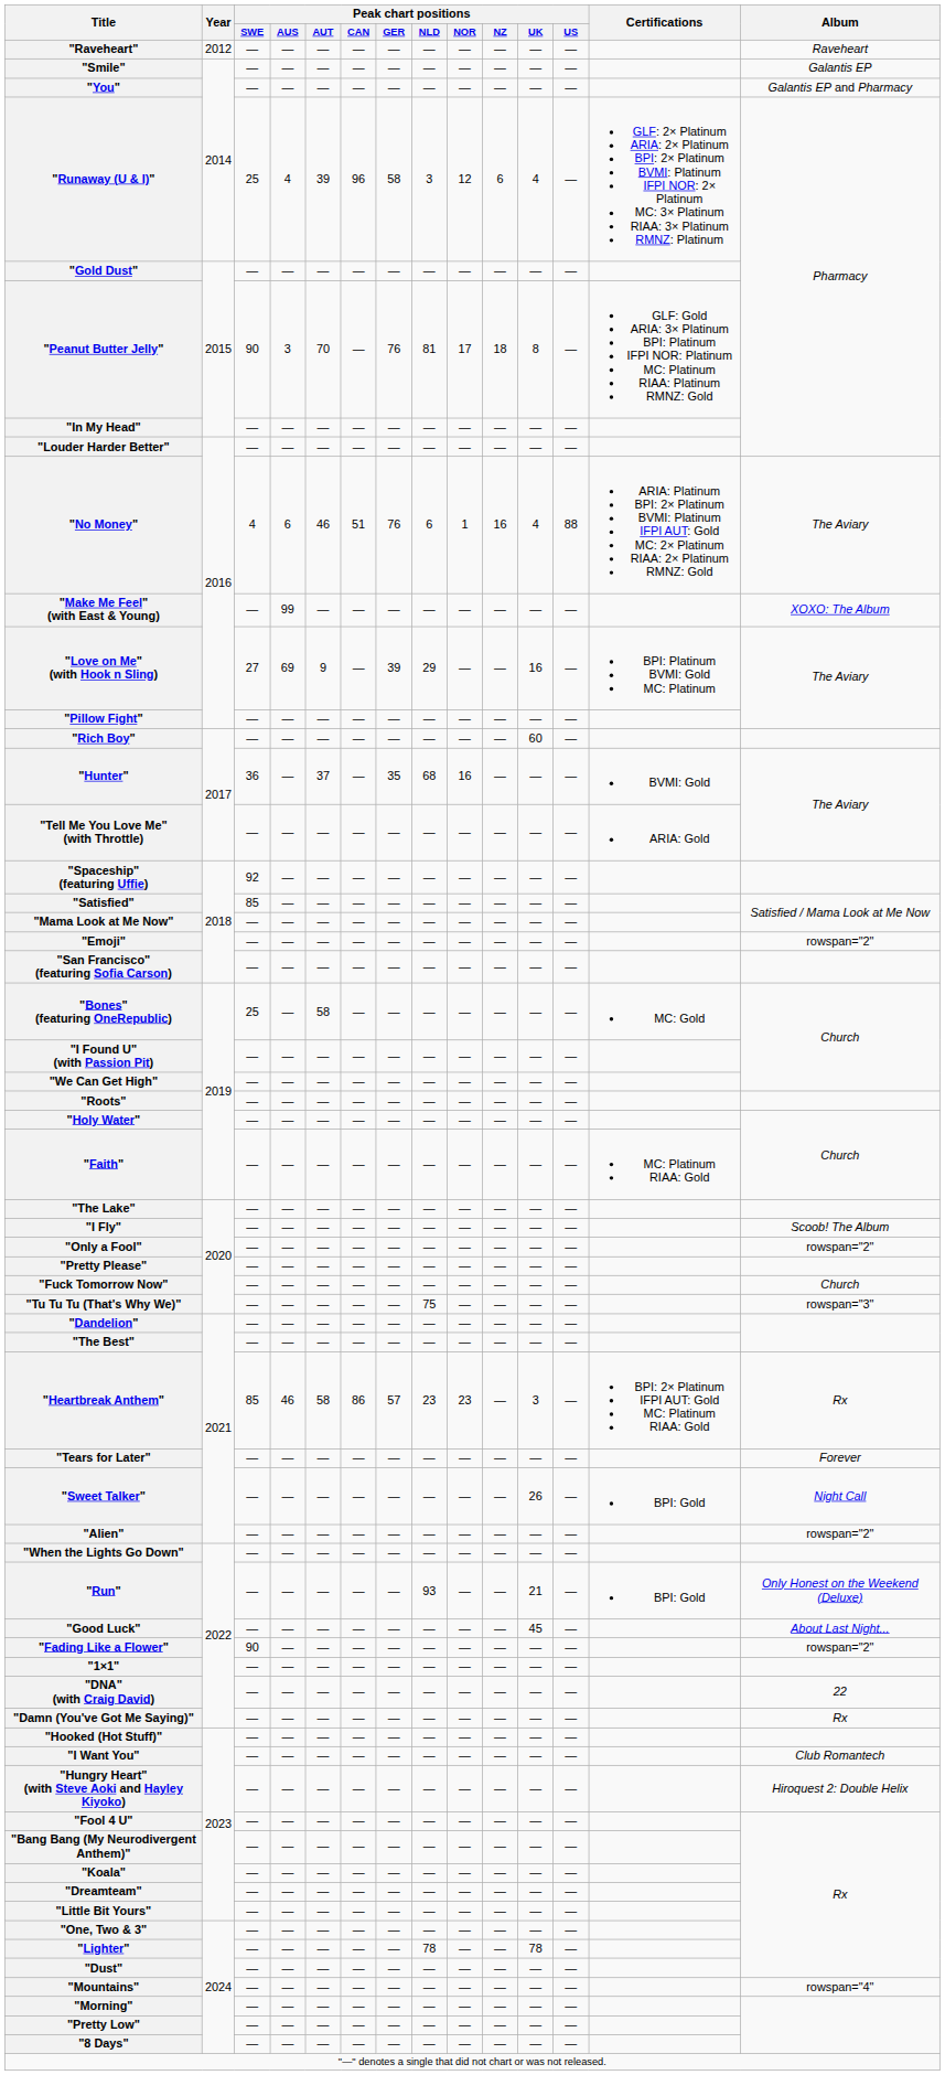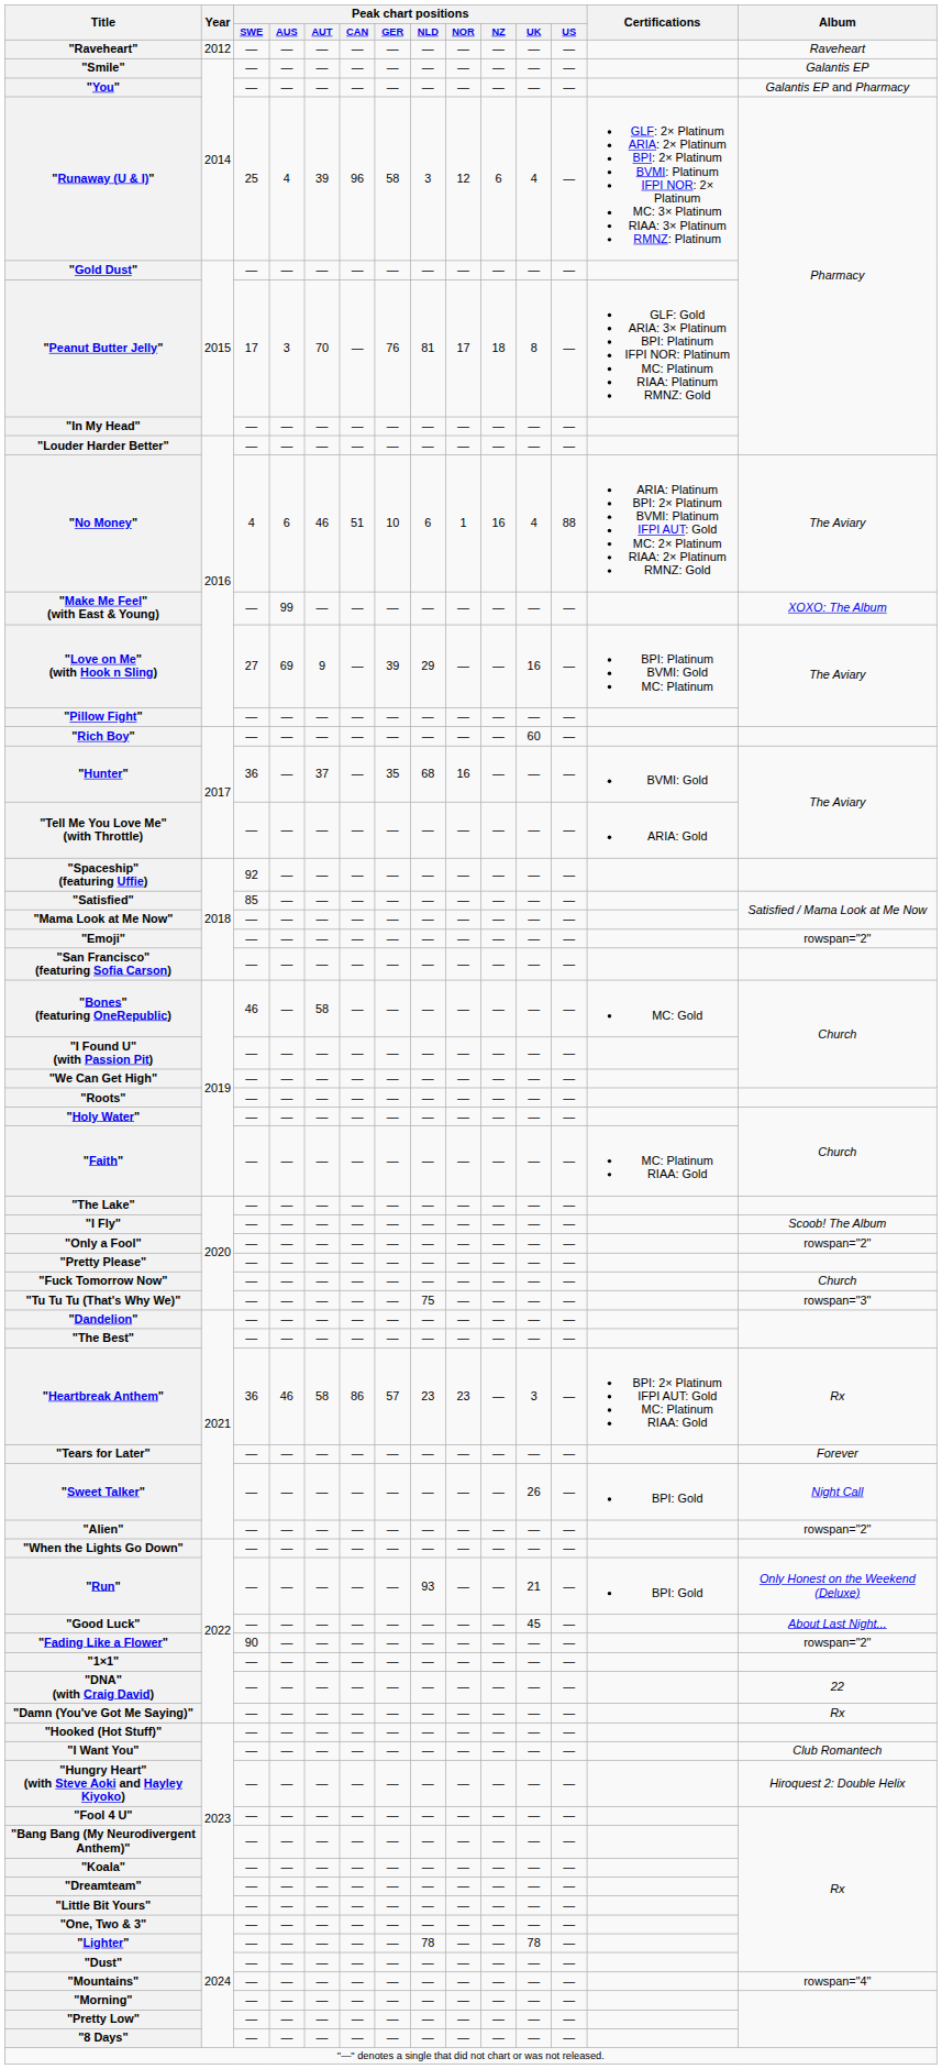 <table class="wikitable plainrowheaders" style="text-align:center;">
 <tr>
 <th scope="col" rowspan="2" style="width:16em;">Title</th>
 <th scope="col" rowspan="2">Year</th>
 <th scope="col" colspan="10">Peak chart positions</th>
 <th scope="col" rowspan="2">Certifications</th>
 <th scope="col" rowspan="2">Album</th>
 </tr>
 <tr>
 <th scope="col" style="width:3em;font-size:85%;"><a href='#'>SWE</a><br></th>
 <th scope="col" style="width:3em;font-size:85%;"><a href='#'>AUS</a><br></th>
 <th scope="col" style="width:3em;font-size:85%;"><a href='#'>AUT</a><br></th>
 <th scope="col" style="width:3em;font-size:85%;"><a href='#'>CAN</a><br></th>
 <th scope="col" style="width:3em;font-size:85%;"><a href='#'>GER</a><br></th>
 <th scope="col" style="width:3em;font-size:85%;"><a href='#'>NLD</a><br></th>
 <th scope="col" style="width:3em;font-size:85%;"><a href='#'>NOR</a><br></th>
 <th scope="col" style="width:3em;font-size:85%;"><a href='#'>NZ</a><br></th>
 <th scope="col" style="width:3em;font-size:85%;"><a href='#'>UK</a><br></th>
 <th scope="col" style="width:3em;font-size:85%;"><a href='#'>US</a><br></th>
 </tr>
 <tr>
 <th scope="row">"Raveheart"</th>
 <td>2012</td>
 <td>—</td>
 <td>—</td>
 <td>—</td>
 <td>—</td>
 <td>—</td>
 <td>—</td>
 <td>—</td>
 <td>—</td>
 <td>—</td>
 <td>—</td>
 <td></td>
 <td><em>Raveheart</em></td>
 </tr>
 <tr>
 <th scope="row">"Smile"</th>
 <td rowspan="3">2014</td>
 <td>—</td>
 <td>—</td>
 <td>—</td>
 <td>—</td>
 <td>—</td>
 <td>—</td>
 <td>—</td>
 <td>—</td>
 <td>—</td>
 <td>—</td>
 <td></td>
 <td><em>Galantis EP</em></td>
 </tr>
 <tr>
 <th scope="row">"<a href='#'>You</a>"</th>
 <td>—</td>
 <td>—</td>
 <td>—</td>
 <td>—</td>
 <td>—</td>
 <td>—</td>
 <td>—</td>
 <td>—</td>
 <td>—</td>
 <td>—</td>
 <td></td>
 <td><em>Galantis EP</em> and <em>Pharmacy</em></td>
 </tr>
 <tr>
 <th scope="row">"<a href='#'>Runaway (U & I)</a>"</th>
 <td>25</td>
 <td>4</td>
 <td>39</td>
 <td>96</td>
 <td>58</td>
 <td>3</td>
 <td>12</td>
 <td>6</td>
 <td>4</td>
 <td>—</td>
 <td><br><ul><li><a href='#'>GLF</a>: 2× Platinum</li><li><a href='#'>ARIA</a>: 2× Platinum</li><li><a href='#'>BPI</a>: 2× Platinum</li><li><a href='#'>BVMI</a>: Platinum</li><li><a href='#'>IFPI NOR</a>: 2× Platinum</li><li>MC: 3× Platinum</li><li>RIAA: 3× Platinum</li><li><a href='#'>RMNZ</a>: Platinum</li></ul></td>
 <td rowspan="5"><em>Pharmacy</em></td>
 </tr>
 <tr>
 <th scope="row">"<a href='#'>Gold Dust</a>"</th>
 <td rowspan="3">2015</td>
 <td>—</td>
 <td>—</td>
 <td>—</td>
 <td>—</td>
 <td>—</td>
 <td>—</td>
 <td>—</td>
 <td>—</td>
 <td>—</td>
 <td>—</td>
 <td></td>
 </tr>
 <tr>
 <th scope="row">"<a href='#'>Peanut Butter Jelly</a>"</th>
-<td>90<br></td>
+<td>17</td>
 <td>3</td>
 <td>70</td>
 <td>—</td>
 <td>76</td>
 <td>81</td>
 <td>17</td>
 <td>18</td>
 <td>8</td>
 <td>—</td>
 <td><br><ul><li>GLF: Gold</li><li>ARIA: 3× Platinum</li><li>BPI: Platinum</li><li>IFPI NOR: Platinum</li><li>MC: Platinum</li><li>RIAA: Platinum</li><li>RMNZ: Gold</li></ul></td>
 </tr>
 <tr>
 <th scope="row">"In My Head"</th>
 <td>—</td>
 <td>—</td>
 <td>—</td>
 <td>—</td>
 <td>—</td>
 <td>—</td>
 <td>—</td>
 <td>—</td>
 <td>—</td>
 <td>—</td>
 <td></td>
 </tr>
 <tr>
 <th scope="row">"Louder Harder Better"</th>
 <td rowspan="5">2016</td>
 <td>—</td>
 <td>—</td>
 <td>—</td>
 <td>—</td>
 <td>—</td>
 <td>—</td>
 <td>—</td>
 <td>—</td>
 <td>—</td>
 <td>—</td>
 <td></td>
 </tr>
 <tr>
 <th scope="row">"<a href='#'>No Money</a>"</th>
 <td>4</td>
 <td>6</td>
 <td>46</td>
 <td>51</td>
-<td>76</td>
+<td>10</td>
 <td>6</td>
 <td>1</td>
 <td>16</td>
 <td>4</td>
 <td>88</td>
 <td><br><ul><li>ARIA: Platinum</li><li>BPI: 2× Platinum</li><li>BVMI: Platinum</li><li><a href='#'>IFPI AUT</a>: Gold</li><li>MC: 2× Platinum</li><li>RIAA: 2× Platinum</li><li>RMNZ: Gold</li></ul></td>
 <td><em>The Aviary</em></td>
 </tr>
 <tr>
 <th scope="row">"<a href='#'>Make Me Feel</a>"<br><span>(with East & Young)</span></th>
 <td>—</td>
 <td>99</td>
 <td>—</td>
 <td>—</td>
 <td>—</td>
 <td>—</td>
 <td>—</td>
 <td>—</td>
 <td>—</td>
 <td>—</td>
 <td></td>
 <td><em><a href='#'>XOXO: The Album</a></em></td>
 </tr>
 <tr>
 <th scope="row">"<a href='#'>Love on Me</a>"<br><span>(with <a href='#'>Hook n Sling</a>)</span></th>
 <td>27</td>
 <td>69</td>
 <td>9</td>
 <td>—</td>
 <td>39</td>
 <td>29</td>
 <td>—</td>
 <td>—</td>
 <td>16</td>
 <td>—</td>
 <td><br><ul><li>BPI: Platinum</li><li>BVMI: Gold</li><li>MC: Platinum</li></ul></td>
 <td rowspan="2"><em>The Aviary</em></td>
 </tr>
 <tr>
 <th scope="row">"<a href='#'>Pillow Fight</a>"</th>
 <td>—</td>
 <td>—</td>
 <td>—</td>
 <td>—</td>
 <td>—</td>
 <td>—</td>
 <td>—</td>
 <td>—</td>
 <td>—</td>
 <td>—</td>
 <td></td>
 </tr>
 <tr>
 <th scope="row">"<a href='#'>Rich Boy</a>"</th>
 <td rowspan="3">2017</td>
 <td>—</td>
 <td>—</td>
 <td>—</td>
 <td>—</td>
 <td>—</td>
 <td>—</td>
 <td>—</td>
 <td>—</td>
 <td>60</td>
 <td>—</td>
 <td></td>
 <td></td>
 </tr>
 <tr>
 <th scope="row">"<a href='#'>Hunter</a>"</th>
 <td>36</td>
 <td>—</td>
 <td>37</td>
 <td>—</td>
 <td>35</td>
 <td>68</td>
 <td>16</td>
 <td>—</td>
 <td>—</td>
 <td>—</td>
 <td><br><ul><li>BVMI: Gold</li></ul></td>
 <td rowspan="2"><em>The Aviary</em></td>
 </tr>
 <tr>
 <th scope="row">"Tell Me You Love Me"<br><span>(with Throttle)</span></th>
 <td>—</td>
 <td>—</td>
 <td>—</td>
 <td>—</td>
 <td>—</td>
 <td>—</td>
 <td>—</td>
 <td>—</td>
 <td>—</td>
 <td>—</td>
 <td><br><ul><li>ARIA: Gold</li></ul></td>
 </tr>
 <tr>
 <th scope="row">"Spaceship"<br><span>(featuring <a href='#'>Uffie</a>)</span></th>
 <td rowspan="5">2018</td>
 <td>92</td>
 <td>—</td>
 <td>—</td>
 <td>—</td>
 <td>—</td>
 <td>—</td>
 <td>—</td>
 <td>—</td>
 <td>—</td>
 <td>—</td>
 <td></td>
 <td></td>
 </tr>
 <tr>
 <th scope="row">"Satisfied" <br></th>
 <td>85</td>
 <td>—</td>
 <td>—</td>
 <td>—</td>
 <td>—</td>
 <td>—</td>
 <td>—</td>
 <td>—</td>
 <td>—</td>
 <td>—</td>
 <td></td>
 <td rowspan="2"><em>Satisfied / Mama Look at Me Now</em></td>
 </tr>
 <tr>
 <th scope="row">"Mama Look at Me Now"</th>
 <td>—</td>
 <td>—</td>
 <td>—</td>
 <td>—</td>
 <td>—</td>
 <td>—</td>
 <td>—</td>
 <td>—</td>
 <td>—</td>
 <td>—</td>
 <td></td>
 </tr>
 <tr>
 <th scope="row">"Emoji"</th>
 <td>—</td>
 <td>—</td>
 <td>—</td>
 <td>—</td>
 <td>—</td>
 <td>—</td>
 <td>—</td>
 <td>—</td>
 <td>—</td>
 <td>—</td>
 <td></td>
 <td>rowspan="2" </td>
 </tr>
 <tr>
 <th scope="row">"San Francisco"<br><span>(featuring <a href='#'>Sofia Carson</a>)</span></th>
 <td>—</td>
 <td>—</td>
 <td>—</td>
 <td>—</td>
 <td>—</td>
 <td>—</td>
 <td>—</td>
 <td>—</td>
 <td>—</td>
 <td>—</td>
 <td></td>
 </tr>
 <tr>
 <th scope="row">"<a href='#'>Bones</a>"<br><span>(featuring <a href='#'>OneRepublic</a>)</span></th>
 <td rowspan="6">2019</td>
-<td>25</td>
+<td>46</td>
 <td>—</td>
 <td>58</td>
 <td>—</td>
 <td>—</td>
 <td>—</td>
 <td>—</td>
 <td>—</td>
 <td>—</td>
 <td>—</td>
 <td><br><ul><li>MC: Gold</li></ul></td>
 <td rowspan="3"><em>Church</em></td>
 </tr>
 <tr>
 <th scope="row">"I Found U" <br><span>(with <a href='#'>Passion Pit</a>)</span></th>
 <td>—</td>
 <td>—</td>
 <td>—</td>
 <td>—</td>
 <td>—</td>
 <td>—</td>
 <td>—</td>
 <td>—</td>
 <td>—</td>
 <td>—</td>
 <td></td>
 </tr>
 <tr>
 <th scope="row">"We Can Get High"<br></th>
 <td>—</td>
 <td>—</td>
 <td>—</td>
 <td>—</td>
 <td>—</td>
 <td>—</td>
 <td>—</td>
 <td>—</td>
 <td>—</td>
 <td>—</td>
 <td></td>
 </tr>
 <tr>
 <th scope="row">"Roots"<br></th>
 <td>—</td>
 <td>—</td>
 <td>—</td>
 <td>—</td>
 <td>—</td>
 <td>—</td>
 <td>—</td>
 <td>—</td>
 <td>—</td>
 <td>—</td>
 <td></td>
 <td></td>
 </tr>
 <tr>
 <th scope="row">"<a href='#'>Holy Water</a>"</th>
 <td>—</td>
 <td>—</td>
 <td>—</td>
 <td>—</td>
 <td>—</td>
 <td>—</td>
 <td>—</td>
 <td>—</td>
 <td>—</td>
 <td>—</td>
 <td></td>
 <td rowspan="2"><em>Church</em></td>
 </tr>
 <tr>
 <th scope="row">"<a href='#'>Faith</a>"<br></th>
 <td>—</td>
 <td>—</td>
 <td>—</td>
 <td>—</td>
 <td>—</td>
 <td>—</td>
 <td>—</td>
 <td>—</td>
 <td>—</td>
 <td>—</td>
 <td><br><ul><li>MC: Platinum</li><li>RIAA: Gold</li></ul></td>
 </tr>
 <tr>
 <th scope="row">"The Lake"<br></th>
 <td rowspan="6">2020</td>
 <td>—</td>
 <td>—</td>
 <td>—</td>
 <td>—</td>
 <td>—</td>
 <td>—</td>
 <td>—</td>
 <td>—</td>
 <td>—</td>
 <td>—</td>
 <td></td>
 <td></td>
 </tr>
 <tr>
 <th scope="row">"I Fly"</th>
 <td>—</td>
 <td>—</td>
 <td>—</td>
 <td>—</td>
 <td>—</td>
 <td>—</td>
 <td>—</td>
 <td>—</td>
 <td>—</td>
 <td>—</td>
 <td></td>
 <td><em>Scoob! The Album</em></td>
 </tr>
 <tr>
 <th scope="row">"Only a Fool" <br></th>
 <td>—</td>
 <td>—</td>
 <td>—</td>
 <td>—</td>
 <td>—</td>
 <td>—</td>
 <td>—</td>
 <td>—</td>
 <td>—</td>
 <td>—</td>
 <td></td>
 <td>rowspan="2" </td>
 </tr>
 <tr>
 <th scope="row">"Pretty Please"<br></th>
 <td>—</td>
 <td>—</td>
 <td>—</td>
 <td>—</td>
 <td>—</td>
 <td>—</td>
 <td>—</td>
 <td>—</td>
 <td>—</td>
 <td>—</td>
 <td></td>
 </tr>
 <tr>
 <th scope="row">"Fuck Tomorrow Now"</th>
 <td>—</td>
 <td>—</td>
 <td>—</td>
 <td>—</td>
 <td>—</td>
 <td>—</td>
 <td>—</td>
 <td>—</td>
 <td>—</td>
 <td>—</td>
 <td></td>
 <td><em>Church</em></td>
 </tr>
 <tr>
 <th scope="row">"Tu Tu Tu (That's Why We)" <br></th>
 <td>—</td>
 <td>—</td>
 <td>—</td>
 <td>—</td>
 <td>—</td>
 <td>75</td>
 <td>—</td>
 <td>—</td>
 <td>—</td>
 <td>—</td>
 <td></td>
 <td>rowspan="3" </td>
 </tr>
 <tr>
 <th scope="row">"<a href='#'>Dandelion</a>"<br></th>
 <td rowspan="6">2021</td>
 <td>—</td>
 <td>—</td>
 <td>—</td>
 <td>—</td>
 <td>—</td>
 <td>—</td>
 <td>—</td>
 <td>—</td>
 <td>—</td>
 <td>—</td>
 <td></td>
 </tr>
 <tr>
 <th scope="row">"The Best"<br></th>
 <td>—</td>
 <td>—</td>
 <td>—</td>
 <td>—</td>
 <td>—</td>
 <td>—</td>
 <td>—</td>
 <td>—</td>
 <td>—</td>
 <td>—</td>
 <td></td>
 </tr>
 <tr>
 <th scope="row">"<a href='#'>Heartbreak Anthem</a>"<br></th>
-<td>85</td>
+<td>36</td>
 <td>46</td>
 <td>58</td>
 <td>86</td>
 <td>57</td>
 <td>23</td>
 <td>23</td>
 <td>—</td>
 <td>3</td>
 <td>—</td>
 <td><br><ul><li>BPI: 2× Platinum</li><li>IFPI AUT: Gold</li><li>MC: Platinum</li><li>RIAA: Gold</li></ul></td>
 <td><em>Rx</em></td>
 </tr>
 <tr>
 <th scope="row">"Tears for Later" <br></th>
 <td>—</td>
 <td>—</td>
 <td>—</td>
 <td>—</td>
 <td>—</td>
 <td>—</td>
 <td>—</td>
 <td>—</td>
 <td>—</td>
 <td>—</td>
 <td></td>
 <td><em>Forever</em></td>
 </tr>
 <tr>
 <th scope="row">"<a href='#'>Sweet Talker</a>" <br></th>
 <td>—</td>
 <td>—</td>
 <td>—</td>
 <td>—</td>
 <td>—</td>
 <td>—</td>
 <td>—</td>
 <td>—</td>
 <td>26</td>
 <td>—</td>
 <td><br><ul><li>BPI: Gold</li></ul></td>
 <td><em><a href='#'>Night Call</a></em></td>
 </tr>
 <tr>
 <th scope="row">"Alien" <br></th>
 <td>—</td>
 <td>—</td>
 <td>—</td>
 <td>—</td>
 <td>—</td>
 <td>—</td>
 <td>—</td>
 <td>—</td>
 <td>—</td>
 <td>—</td>
 <td></td>
 <td>rowspan="2" </td>
 </tr>
 <tr>
 <th scope="row">"When the Lights Go Down" <br></th>
 <td rowspan="7">2022</td>
 <td>—</td>
 <td>—</td>
 <td>—</td>
 <td>—</td>
 <td>—</td>
 <td>—</td>
 <td>—</td>
 <td>—</td>
 <td>—</td>
 <td>—</td>
 <td></td>
 </tr>
 <tr>
 <th scope="row">"<a href='#'>Run</a>" <br></th>
 <td>—</td>
 <td>—</td>
 <td>—</td>
 <td>—</td>
 <td>—</td>
 <td>93</td>
 <td>—</td>
 <td>—</td>
 <td>21</td>
 <td>—</td>
 <td><br><ul><li>BPI: Gold</li></ul></td>
 <td><em><a href='#'>Only Honest on the Weekend (Deluxe)</a></em></td>
 </tr>
 <tr>
 <th scope="row">"Good Luck" <br></th>
 <td>—</td>
 <td>—</td>
 <td>—</td>
 <td>—</td>
 <td>—</td>
 <td>—</td>
 <td>—</td>
 <td>—</td>
 <td>45</td>
 <td>—</td>
 <td></td>
 <td><em><a href='#'>About Last Night...</a></em></td>
 </tr>
 <tr>
 <th scope="row">"<a href='#'>Fading Like a Flower</a>"<br></th>
 <td>90<br></td>
 <td>—</td>
 <td>—</td>
 <td>—</td>
 <td>—</td>
 <td>—</td>
 <td>—</td>
 <td>—</td>
 <td>—</td>
 <td>—</td>
 <td></td>
 <td>rowspan="2" </td>
 </tr>
 <tr>
 <th scope="row">"1×1"</th>
 <td>—</td>
 <td>—</td>
 <td>—</td>
 <td>—</td>
 <td>—</td>
 <td>—</td>
 <td>—</td>
 <td>—</td>
 <td>—</td>
 <td>—</td>
 <td></td>
 </tr>
 <tr>
 <th scope="row">"DNA"<br><span>(with <a href='#'>Craig David</a>)</span></th>
 <td>—</td>
 <td>—</td>
 <td>—</td>
 <td>—</td>
 <td>—</td>
 <td>—</td>
 <td>—</td>
 <td>—</td>
 <td>—</td>
 <td>—</td>
 <td></td>
 <td><em>22</em></td>
 </tr>
 <tr>
 <th scope="row">"Damn (You've Got Me Saying)"<br></th>
 <td>—</td>
 <td>—</td>
 <td>—</td>
 <td>—</td>
 <td>—</td>
 <td>—</td>
 <td>—</td>
 <td>—</td>
 <td>—</td>
 <td>—</td>
 <td></td>
 <td><em>Rx</em></td>
 </tr>
 <tr>
 <th scope="row">"Hooked (Hot Stuff)"<br></th>
 <td rowspan="8">2023</td>
 <td>—</td>
 <td>—</td>
 <td>—</td>
 <td>—</td>
 <td>—</td>
 <td>—</td>
 <td>—</td>
 <td>—</td>
 <td>—</td>
 <td>—</td>
 <td></td>
 <td></td>
 </tr>
 <tr>
 <th scope="row">"I Want You"<br></th>
 <td>—</td>
 <td>—</td>
 <td>—</td>
 <td>—</td>
 <td>—</td>
 <td>—</td>
 <td>—</td>
 <td>—</td>
 <td>—</td>
 <td>—</td>
 <td></td>
 <td><em>Club Romantech</em></td>
 </tr>
 <tr>
 <th scope="row">"Hungry Heart"<br><span>(with <a href='#'>Steve Aoki</a> and <a href='#'>Hayley Kiyoko</a>)</span></th>
 <td>—</td>
 <td>—</td>
 <td>—</td>
 <td>—</td>
 <td>—</td>
 <td>—</td>
 <td>—</td>
 <td>—</td>
 <td>—</td>
 <td>—</td>
 <td></td>
 <td><em>Hiroquest 2: Double Helix</em></td>
 </tr>
 <tr>
 <th scope="row">"Fool 4 U"<br></th>
 <td>—</td>
 <td>—</td>
 <td>—</td>
 <td>—</td>
 <td>—</td>
 <td>—</td>
 <td>—</td>
 <td>—</td>
 <td>—</td>
 <td>—</td>
 <td></td>
 <td rowspan="8"><em>Rx</em></td>
 </tr>
 <tr>
 <th scope="row">"Bang Bang (My Neurodivergent Anthem)"</th>
 <td>—</td>
 <td>—</td>
 <td>—</td>
 <td>—</td>
 <td>—</td>
 <td>—</td>
 <td>—</td>
 <td>—</td>
 <td>—</td>
 <td>—</td>
 <td></td>
 </tr>
 <tr>
 <th scope="row">"Koala"</th>
 <td>—</td>
 <td>—</td>
 <td>—</td>
 <td>—</td>
 <td>—</td>
 <td>—</td>
 <td>—</td>
 <td>—</td>
 <td>—</td>
 <td>—</td>
 <td></td>
 </tr>
 <tr>
 <th scope="row">"Dreamteam"<br></th>
 <td>—</td>
 <td>—</td>
 <td>—</td>
 <td>—</td>
 <td>—</td>
 <td>—</td>
 <td>—</td>
 <td>—</td>
 <td>—</td>
 <td>—</td>
 <td></td>
 </tr>
 <tr>
 <th scope="row">"Little Bit Yours"<br></th>
 <td>—</td>
 <td>—</td>
 <td>—</td>
 <td>—</td>
 <td>—</td>
 <td>—</td>
 <td>—</td>
 <td>—</td>
 <td>—</td>
 <td>—</td>
 <td></td>
 </tr>
 <tr>
 <th scope="row">"One, Two & 3"</th>
 <td rowspan="7">2024</td>
 <td>—</td>
 <td>—</td>
 <td>—</td>
 <td>—</td>
 <td>—</td>
 <td>—</td>
 <td>—</td>
 <td>—</td>
 <td>—</td>
 <td>—</td>
 <td></td>
 </tr>
 <tr>
 <th scope="row">"<a href='#'>Lighter</a>"<br></th>
 <td>—</td>
 <td>—</td>
 <td>—</td>
 <td>—</td>
 <td>—</td>
 <td>78</td>
 <td>—</td>
 <td>—</td>
 <td>78</td>
 <td>—</td>
 <td></td>
 </tr>
 <tr>
 <th scope="row">"Dust"</th>
 <td>—</td>
 <td>—</td>
 <td>—</td>
 <td>—</td>
 <td>—</td>
 <td>—</td>
 <td>—</td>
 <td>—</td>
 <td>—</td>
 <td>—</td>
 <td></td>
 </tr>
 <tr>
 <th scope="row">"Mountains"<br></th>
 <td>—</td>
 <td>—</td>
 <td>—</td>
 <td>—</td>
 <td>—</td>
 <td>—</td>
 <td>—</td>
 <td>—</td>
 <td>—</td>
 <td>—</td>
 <td></td>
 <td>rowspan="4" </td>
 </tr>
 <tr>
 <th scope="row">"Morning"<br></th>
 <td>—</td>
 <td>—</td>
 <td>—</td>
 <td>—</td>
 <td>—</td>
 <td>—</td>
 <td>—</td>
 <td>—</td>
 <td>—</td>
 <td>—</td>
 <td></td>
 </tr>
 <tr>
 <th scope="row">"Pretty Low"<br></th>
 <td>—</td>
 <td>—</td>
 <td>—</td>
 <td>—</td>
 <td>—</td>
 <td>—</td>
 <td>—</td>
 <td>—</td>
 <td>—</td>
 <td>—</td>
 <td></td>
 </tr>
 <tr>
 <th scope="row">"8 Days"</th>
 <td>—</td>
 <td>—</td>
 <td>—</td>
 <td>—</td>
 <td>—</td>
 <td>—</td>
 <td>—</td>
 <td>—</td>
 <td>—</td>
 <td>—</td>
 <td></td>
 </tr>
 <tr>
 <td colspan="14" style="font-size:85%;">"—" denotes a single that did not chart or was not released.</td>
 </tr>
 </table>
